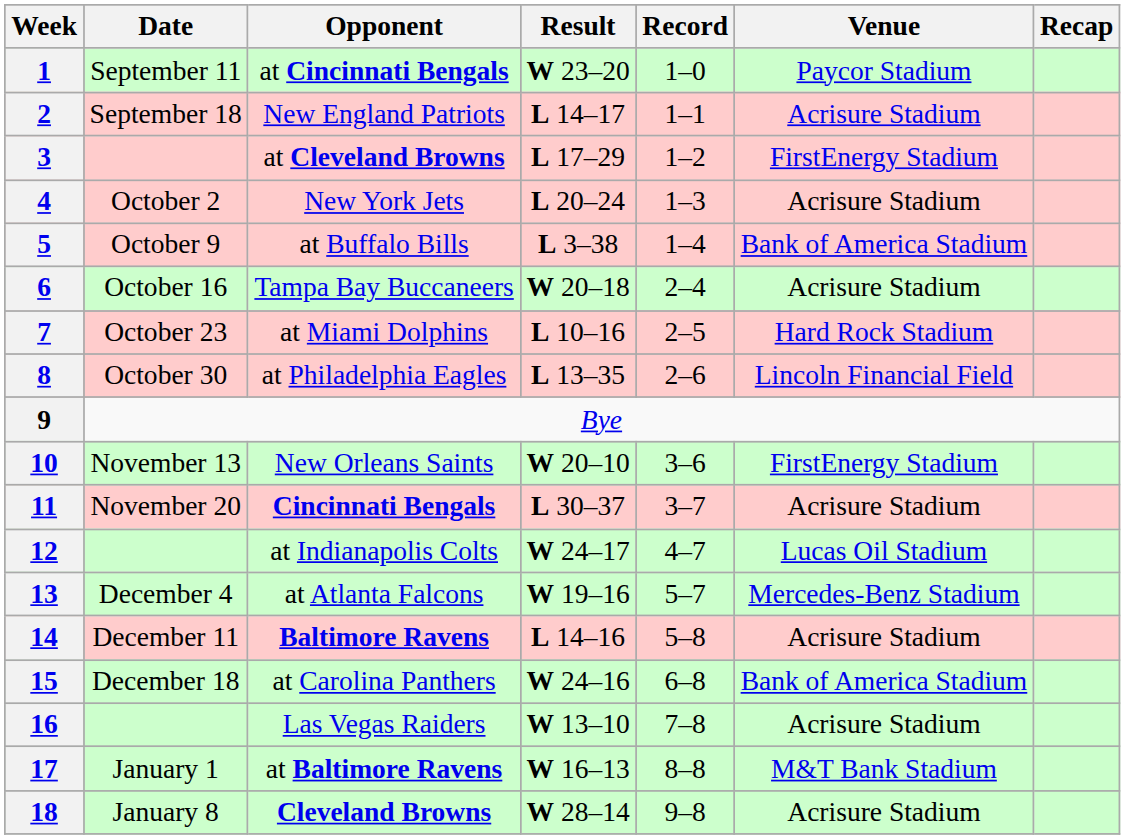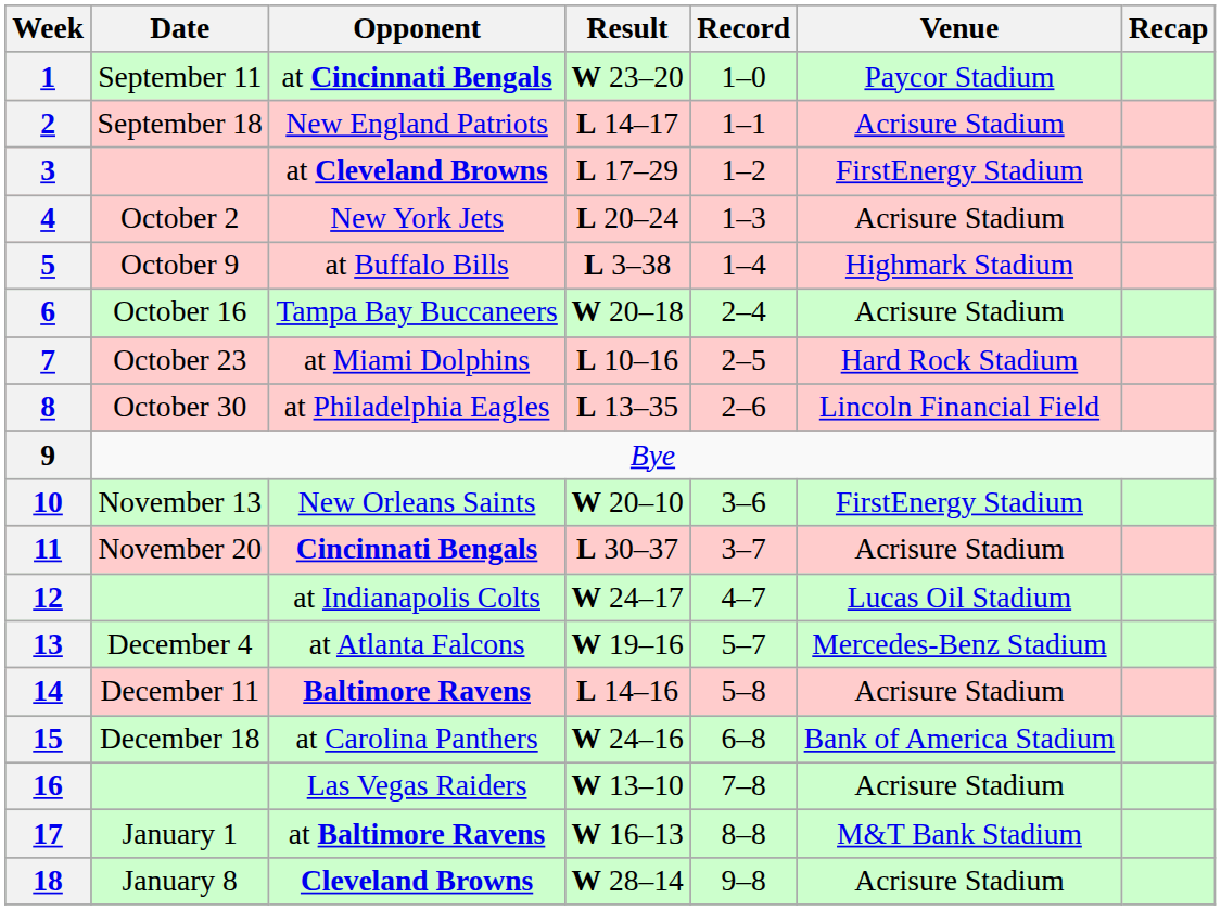 <table class="wikitable" style="text-align:center">
 <tr>
 <th>Week</th>
 <th>Date</th>
 <th>Opponent</th>
 <th>Result</th>
 <th>Record</th>
 <th>Venue</th>
 <th>Recap</th>
 </tr>
 <tr style="background:#cfc">
 <th><a href='#'>1</a></th>
 <td>September 11</td>
 <td>at <strong><a href='#'>Cincinnati Bengals</a></strong></td>
 <td><strong>W</strong> 23–20 </td>
 <td>1–0</td>
 <td><a href='#'>Paycor Stadium</a></td>
 <td></td>
 </tr>
 <tr style="background:#fcc">
 <th><a href='#'>2</a></th>
 <td>September 18</td>
 <td><a href='#'>New England Patriots</a></td>
 <td><strong>L</strong> 14–17</td>
 <td>1–1</td>
 <td><a href='#'>Acrisure Stadium</a></td>
 <td></td>
 </tr>
 <tr style="background:#fcc">
 <th><a href='#'>3</a></th>
 <td></td>
 <td>at <strong><a href='#'>Cleveland Browns</a></strong></td>
 <td><strong>L</strong> 17–29</td>
 <td>1–2</td>
 <td><a href='#'>FirstEnergy Stadium</a></td>
 <td></td>
 </tr>
 <tr style="background:#fcc">
 <th><a href='#'>4</a></th>
 <td>October 2</td>
 <td><a href='#'>New York Jets</a></td>
 <td><strong>L</strong> 20–24</td>
 <td>1–3</td>
 <td>Acrisure Stadium</td>
 <td></td>
 </tr>
 <tr style="background:#fcc">
 <th><a href='#'>5</a></th>
 <td>October 9</td>
 <td>at <a href='#'>Buffalo Bills</a></td>
 <td><strong>L</strong> 3–38</td>
 <td>1–4</td>
-<td><a href='#'>Bank of America Stadium</a></td>
+<td><a href='#'>Highmark Stadium</a></td>
 <td></td>
 </tr>
 <tr style="background:#cfc">
 <th><a href='#'>6</a></th>
 <td>October 16</td>
 <td><a href='#'>Tampa Bay Buccaneers</a></td>
 <td><strong>W</strong> 20–18</td>
 <td>2–4</td>
 <td>Acrisure Stadium</td>
 <td></td>
 </tr>
 <tr style="background:#fcc">
 <th><a href='#'>7</a></th>
 <td>October 23</td>
 <td>at <a href='#'>Miami Dolphins</a></td>
 <td><strong>L</strong> 10–16</td>
 <td>2–5</td>
 <td><a href='#'>Hard Rock Stadium</a></td>
 <td></td>
 </tr>
 <tr style="background:#fcc">
 <th><a href='#'>8</a></th>
 <td>October 30</td>
 <td>at <a href='#'>Philadelphia Eagles</a></td>
 <td><strong>L</strong> 13–35</td>
 <td>2–6</td>
 <td><a href='#'>Lincoln Financial Field</a></td>
 <td></td>
 </tr>
 <tr>
 <th>9</th>
 <td colspan="6"><em><a href='#'>Bye</a></em></td>
 </tr>
 <tr style="background:#cfc">
 <th><a href='#'>10</a></th>
 <td>November 13</td>
 <td><a href='#'>New Orleans Saints</a></td>
 <td><strong>W</strong> 20–10</td>
 <td>3–6</td>
 <td><a href='#'>FirstEnergy Stadium</a></td>
 <td></td>
 </tr>
 <tr style="background:#fcc">
 <th><a href='#'>11</a></th>
 <td>November 20</td>
 <td><strong><a href='#'>Cincinnati Bengals</a></strong></td>
 <td><strong>L</strong> 30–37</td>
 <td>3–7</td>
 <td>Acrisure Stadium</td>
 <td></td>
 </tr>
 <tr style="background:#cfc">
 <th><a href='#'>12</a></th>
 <td></td>
 <td>at <a href='#'>Indianapolis Colts</a></td>
 <td><strong>W</strong> 24–17</td>
 <td>4–7</td>
 <td><a href='#'>Lucas Oil Stadium</a></td>
 <td></td>
 </tr>
 <tr style="background:#cfc">
 <th><a href='#'>13</a></th>
 <td>December 4</td>
 <td>at <a href='#'>Atlanta Falcons</a></td>
 <td><strong>W</strong> 19–16</td>
 <td>5–7</td>
 <td><a href='#'>Mercedes-Benz Stadium</a></td>
 <td></td>
 </tr>
 <tr style="background:#fcc">
 <th><a href='#'>14</a></th>
 <td>December 11</td>
 <td><strong><a href='#'>Baltimore Ravens</a></strong></td>
 <td><strong>L</strong> 14–16</td>
 <td>5–8</td>
 <td>Acrisure Stadium</td>
 <td></td>
 </tr>
 <tr style="background:#cfc">
 <th><a href='#'>15</a></th>
 <td>December 18</td>
 <td>at <a href='#'>Carolina Panthers</a></td>
 <td><strong>W</strong> 24–16</td>
 <td>6–8</td>
 <td><a href='#'>Bank of America Stadium</a></td>
 <td></td>
 </tr>
 <tr style="background:#cfc">
 <th><a href='#'>16</a></th>
 <td></td>
 <td><a href='#'>Las Vegas Raiders</a></td>
 <td><strong>W</strong> 13–10</td>
 <td>7–8</td>
 <td>Acrisure Stadium</td>
 <td></td>
 </tr>
 <tr style="background:#cfc">
 <th><a href='#'>17</a></th>
 <td>January 1</td>
 <td>at <strong><a href='#'>Baltimore Ravens</a></strong></td>
 <td><strong>W</strong> 16–13</td>
 <td>8–8</td>
 <td><a href='#'>M&T Bank Stadium</a></td>
 <td></td>
 </tr>
 <tr style="background:#cfc">
 <th><a href='#'>18</a></th>
 <td>January 8</td>
 <td><strong><a href='#'>Cleveland Browns</a></strong></td>
 <td><strong>W</strong> 28–14</td>
 <td>9–8</td>
 <td>Acrisure Stadium</td>
 <td></td>
 </tr>
 </table>
